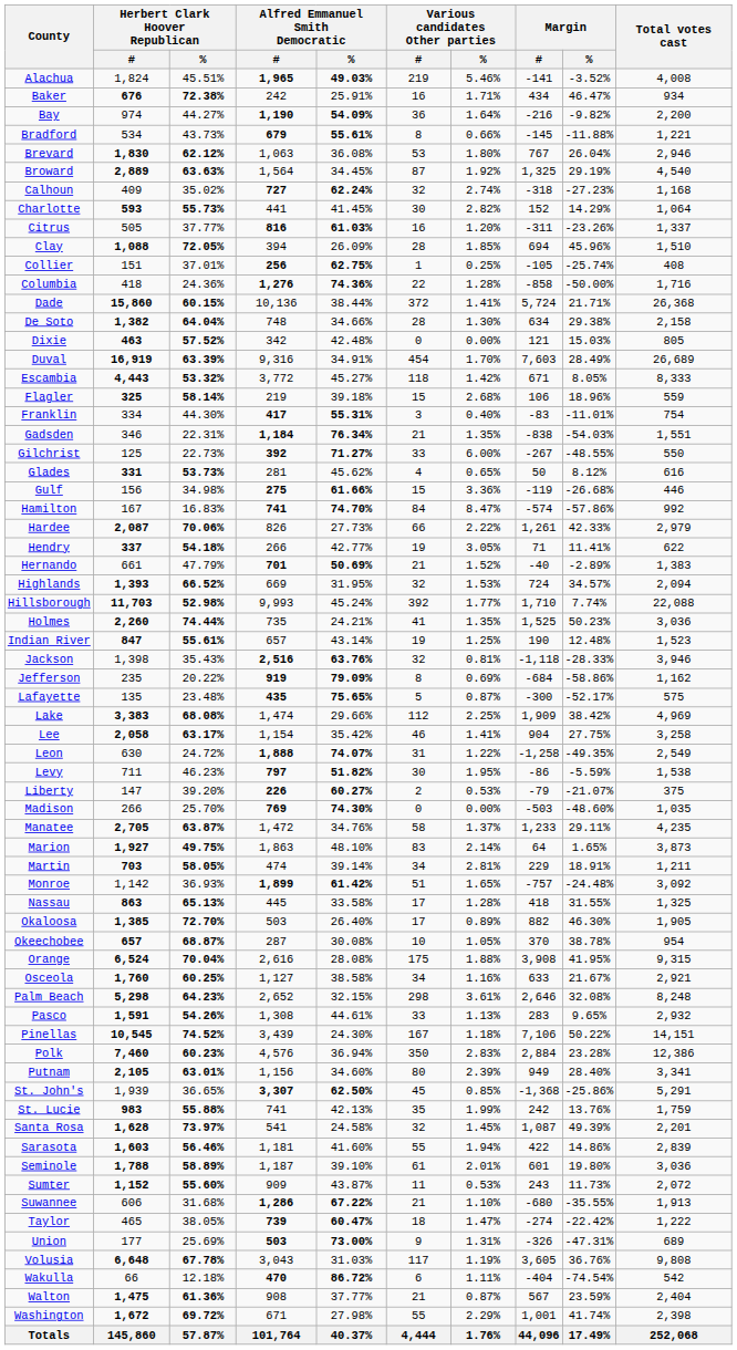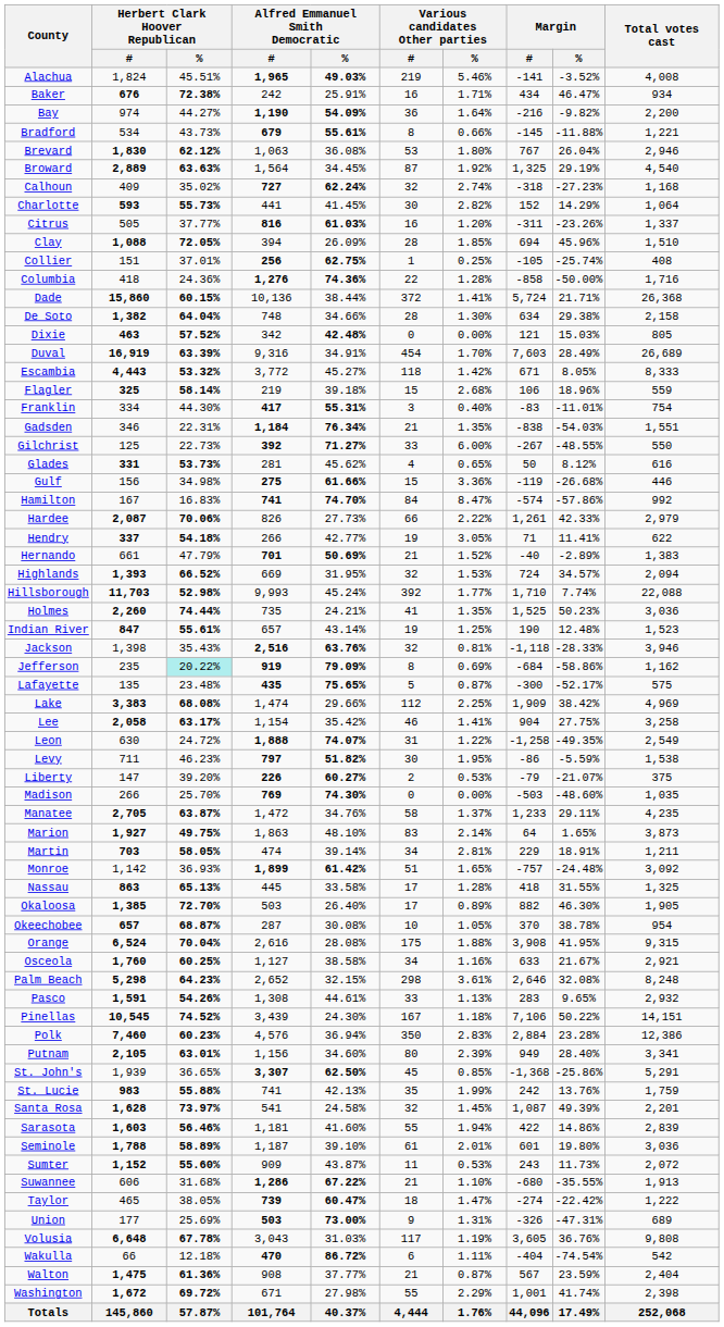 <table width="65%"  class="wikitable sortable" style="text-align:center">
 <tr>
 <th colspan="1" rowspan="2">County</th>
 <th style="text-align:center;" colspan="2">Herbert Clark Hoover<br>Republican</th>
 <th style="text-align:center;" colspan="2">Alfred Emmanuel Smith<br>Democratic</th>
 <th style="text-align:center;" colspan="2">Various candidates<br>Other parties</th>
 <th style="text-align:center;" colspan="2">Margin</th>
 <th colspan="1" rowspan="2" style="text-align:center;">Total votes cast</th>
 </tr>
 <tr>
 <th style="text-align:center;" data-sort-type="number">#</th>
 <th style="text-align:center;" data-sort-type="number">%</th>
 <th style="text-align:center;" data-sort-type="number">#</th>
 <th style="text-align:center;" data-sort-type="number">%</th>
 <th style="text-align:center;" data-sort-type="number">#</th>
 <th style="text-align:center;" data-sort-type="number">%</th>
 <th style="text-align:center;" data-sort-type="number">#</th>
 <th style="text-align:center;" data-sort-type="number">%</th>
 </tr>
 <tr style="text-align:center;">
 <td><a href='#'>Alachua</a></td>
 <td>1,824</td>
 <td>45.51%</td>
 <td><strong>1,965</strong></td>
 <td><strong>49.03%</strong></td>
 <td>219</td>
 <td>5.46%</td>
 <td>-141</td>
 <td>-3.52%</td>
 <td>4,008</td>
 </tr>
 <tr style="text-align:center;">
 <td><a href='#'>Baker</a></td>
 <td><strong>676</strong></td>
 <td><strong>72.38%</strong></td>
 <td>242</td>
 <td>25.91%</td>
 <td>16</td>
 <td>1.71%</td>
 <td>434</td>
 <td>46.47%</td>
 <td>934</td>
 </tr>
 <tr style="text-align:center;">
 <td><a href='#'>Bay</a></td>
 <td>974</td>
 <td>44.27%</td>
 <td><strong>1,190</strong></td>
 <td><strong>54.09%</strong></td>
 <td>36</td>
 <td>1.64%</td>
 <td>-216</td>
 <td>-9.82%</td>
 <td>2,200</td>
 </tr>
 <tr style="text-align:center;">
 <td><a href='#'>Bradford</a></td>
 <td>534</td>
 <td>43.73%</td>
 <td><strong>679</strong></td>
 <td><strong>55.61%</strong></td>
 <td>8</td>
 <td>0.66%</td>
 <td>-145</td>
 <td>-11.88%</td>
 <td>1,221</td>
 </tr>
 <tr style="text-align:center;">
 <td><a href='#'>Brevard</a></td>
 <td><strong>1,830</strong></td>
 <td><strong>62.12%</strong></td>
 <td>1,063</td>
 <td>36.08%</td>
 <td>53</td>
 <td>1.80%</td>
 <td>767</td>
 <td>26.04%</td>
 <td>2,946</td>
 </tr>
 <tr style="text-align:center;">
 <td><a href='#'>Broward</a></td>
 <td><strong>2,889</strong></td>
 <td><strong>63.63%</strong></td>
 <td>1,564</td>
 <td>34.45%</td>
 <td>87</td>
 <td>1.92%</td>
 <td>1,325</td>
 <td>29.19%</td>
 <td>4,540</td>
 </tr>
 <tr style="text-align:center;">
 <td><a href='#'>Calhoun</a></td>
 <td>409</td>
 <td>35.02%</td>
 <td><strong>727</strong></td>
 <td><strong>62.24%</strong></td>
 <td>32</td>
 <td>2.74%</td>
 <td>-318</td>
 <td>-27.23%</td>
 <td>1,168</td>
 </tr>
 <tr style="text-align:center;">
 <td><a href='#'>Charlotte</a></td>
 <td><strong>593</strong></td>
 <td><strong>55.73%</strong></td>
 <td>441</td>
 <td>41.45%</td>
 <td>30</td>
 <td>2.82%</td>
 <td>152</td>
 <td>14.29%</td>
 <td>1,064</td>
 </tr>
 <tr style="text-align:center;">
 <td><a href='#'>Citrus</a></td>
 <td>505</td>
 <td>37.77%</td>
 <td><strong>816</strong></td>
 <td><strong>61.03%</strong></td>
 <td>16</td>
 <td>1.20%</td>
 <td>-311</td>
 <td>-23.26%</td>
 <td>1,337</td>
 </tr>
 <tr style="text-align:center;">
 <td><a href='#'>Clay</a></td>
 <td><strong>1,088</strong></td>
 <td><strong>72.05%</strong></td>
 <td>394</td>
 <td>26.09%</td>
 <td>28</td>
 <td>1.85%</td>
 <td>694</td>
 <td>45.96%</td>
 <td>1,510</td>
 </tr>
 <tr style="text-align:center;">
 <td><a href='#'>Collier</a></td>
 <td>151</td>
 <td>37.01%</td>
 <td><strong>256</strong></td>
 <td><strong>62.75%</strong></td>
 <td>1</td>
 <td>0.25%</td>
 <td>-105</td>
 <td>-25.74%</td>
 <td>408</td>
 </tr>
 <tr style="text-align:center;">
 <td><a href='#'>Columbia</a></td>
 <td>418</td>
 <td>24.36%</td>
 <td><strong>1,276</strong></td>
 <td><strong>74.36%</strong></td>
 <td>22</td>
 <td>1.28%</td>
 <td>-858</td>
 <td>-50.00%</td>
 <td>1,716</td>
 </tr>
 <tr style="text-align:center;">
 <td><a href='#'>Dade</a></td>
 <td><strong>15,860</strong></td>
 <td><strong>60.15%</strong></td>
 <td>10,136</td>
 <td>38.44%</td>
 <td>372</td>
 <td>1.41%</td>
 <td>5,724</td>
 <td>21.71%</td>
 <td>26,368</td>
 </tr>
 <tr style="text-align:center;">
 <td><a href='#'>De Soto</a></td>
 <td><strong>1,382</strong></td>
 <td><strong>64.04%</strong></td>
 <td>748</td>
 <td>34.66%</td>
 <td>28</td>
 <td>1.30%</td>
 <td>634</td>
 <td>29.38%</td>
 <td>2,158</td>
 </tr>
 <tr style="text-align:center;">
 <td><a href='#'>Dixie</a></td>
 <td><strong>463</strong></td>
 <td><strong>57.52%</strong></td>
 <td>342</td>
-<td>42.48%</td>
+<td><strong>42.48%</strong></td>
 <td>0</td>
 <td>0.00%</td>
 <td>121</td>
 <td>15.03%</td>
 <td>805</td>
 </tr>
 <tr style="text-align:center;">
 <td><a href='#'>Duval</a></td>
 <td><strong>16,919</strong></td>
 <td><strong>63.39%</strong></td>
 <td>9,316</td>
 <td>34.91%</td>
 <td>454</td>
 <td>1.70%</td>
 <td>7,603</td>
 <td>28.49%</td>
 <td>26,689</td>
 </tr>
 <tr style="text-align:center;">
 <td><a href='#'>Escambia</a></td>
 <td><strong>4,443</strong></td>
 <td><strong>53.32%</strong></td>
 <td>3,772</td>
 <td>45.27%</td>
 <td>118</td>
 <td>1.42%</td>
 <td>671</td>
 <td>8.05%</td>
 <td>8,333</td>
 </tr>
 <tr style="text-align:center;">
 <td><a href='#'>Flagler</a></td>
 <td><strong>325</strong></td>
 <td><strong>58.14%</strong></td>
 <td>219</td>
 <td>39.18%</td>
 <td>15</td>
 <td>2.68%</td>
 <td>106</td>
 <td>18.96%</td>
 <td>559</td>
 </tr>
 <tr style="text-align:center;">
 <td><a href='#'>Franklin</a></td>
 <td>334</td>
 <td>44.30%</td>
 <td><strong>417</strong></td>
 <td><strong>55.31%</strong></td>
 <td>3</td>
 <td>0.40%</td>
 <td>-83</td>
 <td>-11.01%</td>
 <td>754</td>
 </tr>
 <tr style="text-align:center;">
 <td><a href='#'>Gadsden</a></td>
 <td>346</td>
 <td>22.31%</td>
 <td><strong>1,184</strong></td>
 <td><strong>76.34%</strong></td>
 <td>21</td>
 <td>1.35%</td>
 <td>-838</td>
 <td>-54.03%</td>
 <td>1,551</td>
 </tr>
 <tr style="text-align:center;">
 <td><a href='#'>Gilchrist</a></td>
 <td>125</td>
 <td>22.73%</td>
 <td><strong>392</strong></td>
 <td><strong>71.27%</strong></td>
 <td>33</td>
 <td>6.00%</td>
 <td>-267</td>
 <td>-48.55%</td>
 <td>550</td>
 </tr>
 <tr style="text-align:center;">
 <td><a href='#'>Glades</a></td>
 <td><strong>331</strong></td>
 <td><strong>53.73%</strong></td>
 <td>281</td>
 <td>45.62%</td>
 <td>4</td>
 <td>0.65%</td>
 <td>50</td>
 <td>8.12%</td>
 <td>616</td>
 </tr>
 <tr style="text-align:center;">
 <td><a href='#'>Gulf</a></td>
 <td>156</td>
 <td>34.98%</td>
 <td><strong>275</strong></td>
 <td><strong>61.66%</strong></td>
 <td>15</td>
 <td>3.36%</td>
 <td>-119</td>
 <td>-26.68%</td>
 <td>446</td>
 </tr>
 <tr style="text-align:center;">
 <td><a href='#'>Hamilton</a></td>
 <td>167</td>
 <td>16.83%</td>
 <td><strong>741</strong></td>
 <td><strong>74.70%</strong></td>
 <td>84</td>
 <td>8.47%</td>
 <td>-574</td>
 <td>-57.86%</td>
 <td>992</td>
 </tr>
 <tr style="text-align:center;">
 <td><a href='#'>Hardee</a></td>
 <td><strong>2,087</strong></td>
 <td><strong>70.06%</strong></td>
 <td>826</td>
 <td>27.73%</td>
 <td>66</td>
 <td>2.22%</td>
 <td>1,261</td>
 <td>42.33%</td>
 <td>2,979</td>
 </tr>
 <tr style="text-align:center;">
 <td><a href='#'>Hendry</a></td>
 <td><strong>337</strong></td>
 <td><strong>54.18%</strong></td>
 <td>266</td>
 <td>42.77%</td>
 <td>19</td>
 <td>3.05%</td>
 <td>71</td>
 <td>11.41%</td>
 <td>622</td>
 </tr>
 <tr style="text-align:center;">
 <td><a href='#'>Hernando</a></td>
 <td>661</td>
 <td>47.79%</td>
 <td><strong>701</strong></td>
 <td><strong>50.69%</strong></td>
 <td>21</td>
 <td>1.52%</td>
 <td>-40</td>
 <td>-2.89%</td>
 <td>1,383</td>
 </tr>
 <tr style="text-align:center;">
 <td><a href='#'>Highlands</a></td>
 <td><strong>1,393</strong></td>
 <td><strong>66.52%</strong></td>
 <td>669</td>
 <td>31.95%</td>
 <td>32</td>
 <td>1.53%</td>
 <td>724</td>
 <td>34.57%</td>
 <td>2,094</td>
 </tr>
 <tr style="text-align:center;">
 <td><a href='#'>Hillsborough</a></td>
 <td><strong>11,703</strong></td>
 <td><strong>52.98%</strong></td>
 <td>9,993</td>
 <td>45.24%</td>
 <td>392</td>
 <td>1.77%</td>
 <td>1,710</td>
 <td>7.74%</td>
 <td>22,088</td>
 </tr>
 <tr style="text-align:center;">
 <td><a href='#'>Holmes</a></td>
 <td><strong>2,260</strong></td>
 <td><strong>74.44%</strong></td>
 <td>735</td>
 <td>24.21%</td>
 <td>41</td>
 <td>1.35%</td>
 <td>1,525</td>
 <td>50.23%</td>
 <td>3,036</td>
 </tr>
 <tr style="text-align:center;">
 <td><a href='#'>Indian River</a></td>
 <td><strong>847</strong></td>
 <td><strong>55.61%</strong></td>
 <td>657</td>
 <td>43.14%</td>
 <td>19</td>
 <td>1.25%</td>
 <td>190</td>
 <td>12.48%</td>
 <td>1,523</td>
 </tr>
 <tr style="text-align:center;">
 <td><a href='#'>Jackson</a></td>
 <td>1,398</td>
 <td>35.43%</td>
 <td><strong>2,516</strong></td>
 <td><strong>63.76%</strong></td>
 <td>32</td>
 <td>0.81%</td>
 <td>-1,118</td>
 <td>-28.33%</td>
 <td>3,946</td>
 </tr>
 <tr style="text-align:center;">
 <td><a href='#'>Jefferson</a></td>
 <td>235</td>
-<td>20.22%</td>
+<td style="background: paleturquoise;">20.22%</td>
 <td><strong>919</strong></td>
 <td><strong>79.09%</strong></td>
 <td>8</td>
 <td>0.69%</td>
 <td>-684</td>
 <td>-58.86%</td>
 <td>1,162</td>
 </tr>
 <tr style="text-align:center;">
 <td><a href='#'>Lafayette</a></td>
 <td>135</td>
 <td>23.48%</td>
 <td><strong>435</strong></td>
 <td><strong>75.65%</strong></td>
 <td>5</td>
 <td>0.87%</td>
 <td>-300</td>
 <td>-52.17%</td>
 <td>575</td>
 </tr>
 <tr style="text-align:center;">
 <td><a href='#'>Lake</a></td>
 <td><strong>3,383</strong></td>
 <td><strong>68.08%</strong></td>
 <td>1,474</td>
 <td>29.66%</td>
 <td>112</td>
 <td>2.25%</td>
 <td>1,909</td>
 <td>38.42%</td>
 <td>4,969</td>
 </tr>
 <tr style="text-align:center;">
 <td><a href='#'>Lee</a></td>
 <td><strong>2,058</strong></td>
 <td><strong>63.17%</strong></td>
 <td>1,154</td>
 <td>35.42%</td>
 <td>46</td>
 <td>1.41%</td>
 <td>904</td>
 <td>27.75%</td>
 <td>3,258</td>
 </tr>
 <tr style="text-align:center;">
 <td><a href='#'>Leon</a></td>
 <td>630</td>
 <td>24.72%</td>
 <td><strong>1,888</strong></td>
 <td><strong>74.07%</strong></td>
 <td>31</td>
 <td>1.22%</td>
 <td>-1,258</td>
 <td>-49.35%</td>
 <td>2,549</td>
 </tr>
 <tr style="text-align:center;">
 <td><a href='#'>Levy</a></td>
 <td>711</td>
 <td>46.23%</td>
 <td><strong>797</strong></td>
 <td><strong>51.82%</strong></td>
 <td>30</td>
 <td>1.95%</td>
 <td>-86</td>
 <td>-5.59%</td>
 <td>1,538</td>
 </tr>
 <tr style="text-align:center;">
 <td><a href='#'>Liberty</a></td>
 <td>147</td>
 <td>39.20%</td>
 <td><strong>226</strong></td>
 <td><strong>60.27%</strong></td>
 <td>2</td>
 <td>0.53%</td>
 <td>-79</td>
 <td>-21.07%</td>
 <td>375</td>
 </tr>
 <tr style="text-align:center;">
 <td><a href='#'>Madison</a></td>
 <td>266</td>
 <td>25.70%</td>
 <td><strong>769</strong></td>
 <td><strong>74.30%</strong></td>
 <td>0</td>
 <td>0.00%</td>
 <td>-503</td>
 <td>-48.60%</td>
 <td>1,035</td>
 </tr>
 <tr style="text-align:center;">
 <td><a href='#'>Manatee</a></td>
 <td><strong>2,705</strong></td>
 <td><strong>63.87%</strong></td>
 <td>1,472</td>
 <td>34.76%</td>
 <td>58</td>
 <td>1.37%</td>
 <td>1,233</td>
 <td>29.11%</td>
 <td>4,235</td>
 </tr>
 <tr style="text-align:center;">
 <td><a href='#'>Marion</a></td>
 <td><strong>1,927</strong></td>
 <td><strong>49.75%</strong></td>
 <td>1,863</td>
 <td>48.10%</td>
 <td>83</td>
 <td>2.14%</td>
 <td>64</td>
 <td>1.65%</td>
 <td>3,873</td>
 </tr>
 <tr style="text-align:center;">
 <td><a href='#'>Martin</a></td>
 <td><strong>703</strong></td>
 <td><strong>58.05%</strong></td>
 <td>474</td>
 <td>39.14%</td>
 <td>34</td>
 <td>2.81%</td>
 <td>229</td>
 <td>18.91%</td>
 <td>1,211</td>
 </tr>
 <tr style="text-align:center;">
 <td><a href='#'>Monroe</a></td>
 <td>1,142</td>
 <td>36.93%</td>
 <td><strong>1,899</strong></td>
 <td><strong>61.42%</strong></td>
 <td>51</td>
 <td>1.65%</td>
 <td>-757</td>
 <td>-24.48%</td>
 <td>3,092</td>
 </tr>
 <tr style="text-align:center;">
 <td><a href='#'>Nassau</a></td>
 <td><strong>863</strong></td>
 <td><strong>65.13%</strong></td>
 <td>445</td>
 <td>33.58%</td>
 <td>17</td>
 <td>1.28%</td>
 <td>418</td>
 <td>31.55%</td>
 <td>1,325</td>
 </tr>
 <tr style="text-align:center;">
 <td><a href='#'>Okaloosa</a></td>
 <td><strong>1,385</strong></td>
 <td><strong>72.70%</strong></td>
 <td>503</td>
 <td>26.40%</td>
 <td>17</td>
 <td>0.89%</td>
 <td>882</td>
 <td>46.30%</td>
 <td>1,905</td>
 </tr>
 <tr style="text-align:center;">
 <td><a href='#'>Okeechobee</a></td>
 <td><strong>657</strong></td>
 <td><strong>68.87%</strong></td>
 <td>287</td>
 <td>30.08%</td>
 <td>10</td>
 <td>1.05%</td>
 <td>370</td>
 <td>38.78%</td>
 <td>954</td>
 </tr>
 <tr style="text-align:center;">
 <td><a href='#'>Orange</a></td>
 <td><strong>6,524</strong></td>
 <td><strong>70.04%</strong></td>
 <td>2,616</td>
 <td>28.08%</td>
 <td>175</td>
 <td>1.88%</td>
 <td>3,908</td>
 <td>41.95%</td>
 <td>9,315</td>
 </tr>
 <tr style="text-align:center;">
 <td><a href='#'>Osceola</a></td>
 <td><strong>1,760</strong></td>
 <td><strong>60.25%</strong></td>
 <td>1,127</td>
 <td>38.58%</td>
 <td>34</td>
 <td>1.16%</td>
 <td>633</td>
 <td>21.67%</td>
 <td>2,921</td>
 </tr>
 <tr style="text-align:center;">
 <td><a href='#'>Palm Beach</a></td>
 <td><strong>5,298</strong></td>
 <td><strong>64.23%</strong></td>
 <td>2,652</td>
 <td>32.15%</td>
 <td>298</td>
 <td>3.61%</td>
 <td>2,646</td>
 <td>32.08%</td>
 <td>8,248</td>
 </tr>
 <tr style="text-align:center;">
 <td><a href='#'>Pasco</a></td>
 <td><strong>1,591</strong></td>
 <td><strong>54.26%</strong></td>
 <td>1,308</td>
 <td>44.61%</td>
 <td>33</td>
 <td>1.13%</td>
 <td>283</td>
 <td>9.65%</td>
 <td>2,932</td>
 </tr>
 <tr style="text-align:center;">
 <td><a href='#'>Pinellas</a></td>
 <td><strong>10,545</strong></td>
 <td><strong>74.52%</strong></td>
 <td>3,439</td>
 <td>24.30%</td>
 <td>167</td>
 <td>1.18%</td>
 <td>7,106</td>
 <td>50.22%</td>
 <td>14,151</td>
 </tr>
 <tr style="text-align:center;">
 <td><a href='#'>Polk</a></td>
 <td><strong>7,460</strong></td>
 <td><strong>60.23%</strong></td>
 <td>4,576</td>
 <td>36.94%</td>
 <td>350</td>
 <td>2.83%</td>
 <td>2,884</td>
 <td>23.28%</td>
 <td>12,386</td>
 </tr>
 <tr style="text-align:center;">
 <td><a href='#'>Putnam</a></td>
 <td><strong>2,105</strong></td>
 <td><strong>63.01%</strong></td>
 <td>1,156</td>
 <td>34.60%</td>
 <td>80</td>
 <td>2.39%</td>
 <td>949</td>
 <td>28.40%</td>
 <td>3,341</td>
 </tr>
 <tr style="text-align:center;">
 <td><a href='#'>St. John's</a></td>
 <td>1,939</td>
 <td>36.65%</td>
 <td><strong>3,307</strong></td>
 <td><strong>62.50%</strong></td>
 <td>45</td>
 <td>0.85%</td>
 <td>-1,368</td>
 <td>-25.86%</td>
 <td>5,291</td>
 </tr>
 <tr style="text-align:center;">
 <td><a href='#'>St. Lucie</a></td>
 <td><strong>983</strong></td>
 <td><strong>55.88%</strong></td>
 <td>741</td>
 <td>42.13%</td>
 <td>35</td>
 <td>1.99%</td>
 <td>242</td>
 <td>13.76%</td>
 <td>1,759</td>
 </tr>
 <tr style="text-align:center;">
 <td><a href='#'>Santa Rosa</a></td>
 <td><strong>1,628</strong></td>
 <td><strong>73.97%</strong></td>
 <td>541</td>
 <td>24.58%</td>
 <td>32</td>
 <td>1.45%</td>
 <td>1,087</td>
 <td>49.39%</td>
 <td>2,201</td>
 </tr>
 <tr style="text-align:center;">
 <td><a href='#'>Sarasota</a></td>
 <td><strong>1,603</strong></td>
 <td><strong>56.46%</strong></td>
 <td>1,181</td>
 <td>41.60%</td>
 <td>55</td>
 <td>1.94%</td>
 <td>422</td>
 <td>14.86%</td>
 <td>2,839</td>
 </tr>
 <tr style="text-align:center;">
 <td><a href='#'>Seminole</a></td>
 <td><strong>1,788</strong></td>
 <td><strong>58.89%</strong></td>
 <td>1,187</td>
 <td>39.10%</td>
 <td>61</td>
 <td>2.01%</td>
 <td>601</td>
 <td>19.80%</td>
 <td>3,036</td>
 </tr>
 <tr style="text-align:center;">
 <td><a href='#'>Sumter</a></td>
 <td><strong>1,152</strong></td>
 <td><strong>55.60%</strong></td>
 <td>909</td>
 <td>43.87%</td>
 <td>11</td>
 <td>0.53%</td>
 <td>243</td>
 <td>11.73%</td>
 <td>2,072</td>
 </tr>
 <tr style="text-align:center;">
 <td><a href='#'>Suwannee</a></td>
 <td>606</td>
 <td>31.68%</td>
 <td><strong>1,286</strong></td>
 <td><strong>67.22%</strong></td>
 <td>21</td>
 <td>1.10%</td>
 <td>-680</td>
 <td>-35.55%</td>
 <td>1,913</td>
 </tr>
 <tr style="text-align:center;">
 <td><a href='#'>Taylor</a></td>
 <td>465</td>
 <td>38.05%</td>
 <td><strong>739</strong></td>
 <td><strong>60.47%</strong></td>
 <td>18</td>
 <td>1.47%</td>
 <td>-274</td>
 <td>-22.42%</td>
 <td>1,222</td>
 </tr>
 <tr style="text-align:center;">
 <td><a href='#'>Union</a></td>
 <td>177</td>
 <td>25.69%</td>
 <td><strong>503</strong></td>
 <td><strong>73.00%</strong></td>
 <td>9</td>
 <td>1.31%</td>
 <td>-326</td>
 <td>-47.31%</td>
 <td>689</td>
 </tr>
 <tr style="text-align:center;">
 <td><a href='#'>Volusia</a></td>
 <td><strong>6,648</strong></td>
 <td><strong>67.78%</strong></td>
 <td>3,043</td>
 <td>31.03%</td>
 <td>117</td>
 <td>1.19%</td>
 <td>3,605</td>
 <td>36.76%</td>
 <td>9,808</td>
 </tr>
 <tr style="text-align:center;">
 <td><a href='#'>Wakulla</a></td>
 <td>66</td>
 <td>12.18%</td>
 <td><strong>470</strong></td>
 <td><strong>86.72%</strong></td>
 <td>6</td>
 <td>1.11%</td>
 <td>-404</td>
 <td>-74.54%</td>
 <td>542</td>
 </tr>
 <tr style="text-align:center;">
 <td><a href='#'>Walton</a></td>
 <td><strong>1,475</strong></td>
 <td><strong>61.36%</strong></td>
 <td>908</td>
 <td>37.77%</td>
 <td>21</td>
 <td>0.87%</td>
 <td>567</td>
 <td>23.59%</td>
 <td>2,404</td>
 </tr>
 <tr style="text-align:center;">
 <td><a href='#'>Washington</a></td>
 <td><strong>1,672</strong></td>
 <td><strong>69.72%</strong></td>
 <td>671</td>
 <td>27.98%</td>
 <td>55</td>
 <td>2.29%</td>
 <td>1,001</td>
 <td>41.74%</td>
 <td>2,398</td>
 </tr>
 <tr style="text-align:center;">
 <th>Totals</th>
 <th>145,860</th>
 <th>57.87%</th>
 <th>101,764</th>
 <th>40.37%</th>
 <th>4,444</th>
 <th>1.76%</th>
 <th>44,096</th>
 <th>17.49%</th>
 <th>252,068</th>
 </tr>
 </table>
